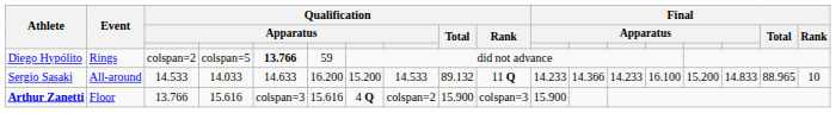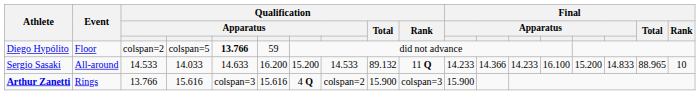 <table class="wikitable" style="font-size:90%">
 <tr>
 <th rowspan=3>Athlete</th>
 <th rowspan=3>Event</th>
 <th colspan =8>Qualification</th>
 <th colspan =8>Final</th>
 </tr>
 <tr style="font-size:95%">
 <th colspan=6>Apparatus</th>
 <th rowspan=2>Total</th>
 <th rowspan=2>Rank</th>
 <th colspan=6>Apparatus</th>
 <th rowspan=2>Total</th>
 <th rowspan=2>Rank</th>
 </tr>
 <tr style="font-size:95%">
 <th></th>
 <th></th>
 <th></th>
 <th></th>
 <th></th>
 <th></th>
 <th></th>
 <th></th>
 <th></th>
 <th></th>
 <th></th>
 <th></th>
 </tr>
 <tr align=center>
 <td align=left><a href='#'>Diego Hypólito</a></td>
-<td align=left><a href='#'>Rings</a></td>
+<td align=left><a href='#'>Floor</a></td>
 <td>colspan=2 </td>
 <td>colspan=5 </td>
 <td><strong>13.766</strong></td>
 <td>59</td>
 <td colspan=8>did not advance</td>
 </tr>
 <tr align=center>
 <td align=left><a href='#'>Sergio Sasaki</a></td>
 <td align=left><a href='#'>All-around</a></td>
 <td>14.533</td>
 <td>14.033</td>
 <td>14.633</td>
 <td>16.200</td>
 <td>15.200</td>
 <td>14.533</td>
 <td>89.132</td>
 <td>11 <strong>Q</strong></td>
 <td>14.233</td>
 <td>14.366</td>
 <td>14.233</td>
 <td>16.100</td>
 <td>15.200</td>
 <td>14.833</td>
 <td>88.965</td>
 <td>10</td>
 </tr>
 <tr align=center>
 <td align=left><strong><a href='#'>Arthur Zanetti</a></strong></td>
-<td align=left><a href='#'>Floor</a></td>
+<td align=left><a href='#'>Rings</a></td>
 <td>13.766</td>
 <td>15.616</td>
 <td>colspan=3 </td>
 <td>15.616</td>
 <td>4 <strong>Q</strong></td>
 <td>colspan=2 </td>
 <td>15.900</td>
 <td>colspan=3 </td>
 <td>15.900</td>
 <td></td>
 </tr>
 </table>
